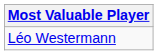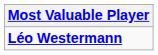 <table class=wikitable>
 <tr>
 <th><a href='#'>Most Valuable Player</a></th>
 </tr>
 <tr>
-<td> <a href='#'>Léo Westermann</a></td>
+<td><strong> <a href='#'>Léo Westermann</a></strong></td>
 </tr>
 </table>
